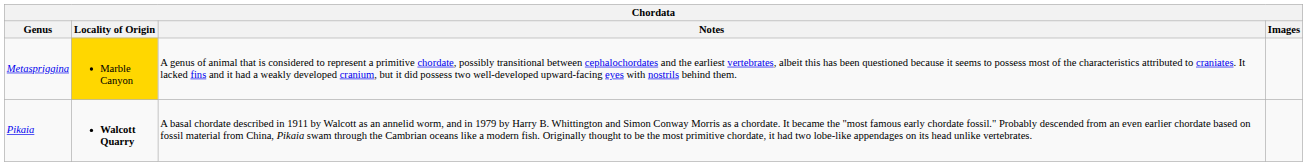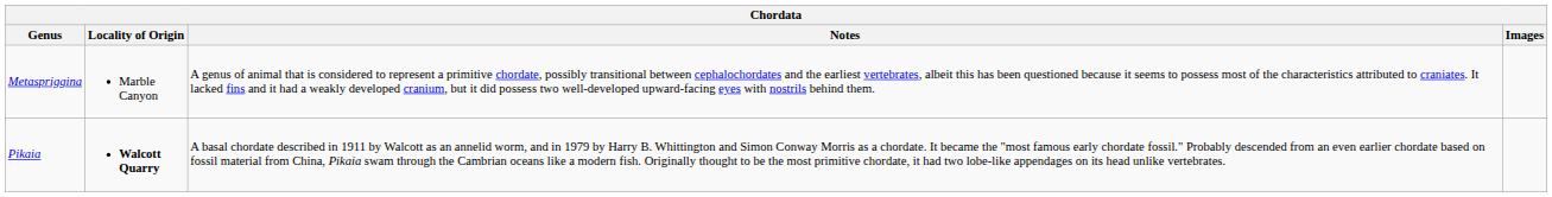 <table class="wikitable sortable mw-collapsible">
 <tr>
 <th colspan="4" align="center">Chordata</th>
 </tr>
 <tr>
 <th>Genus</th>
 <th>Locality of Origin</th>
 <th>Notes</th>
 <th>Images</th>
 </tr>
 <tr>
 <td><em><a href='#'>Metaspriggina</a></em></td>
-<td style="background: gold;"><br><ul><li>Marble Canyon</li></ul></td>
+<td><br><ul><li>Marble Canyon</li></ul></td>
 <td>A genus of animal that is considered to represent a primitive <a href='#'>chordate</a>, possibly transitional between <a href='#'>cephalochordates</a> and the earliest <a href='#'>vertebrates</a>, albeit this has been questioned because it seems to possess most of the characteristics attributed to <a href='#'>craniates</a>. It lacked <a href='#'>fins</a> and it had a weakly developed <a href='#'>cranium</a>, but it did possess two well-developed upward-facing <a href='#'>eyes</a> with <a href='#'>nostrils</a> behind them.</td>
 <td></td>
 </tr>
 <tr>
 <td><em><a href='#'>Pikaia</a></em></td>
 <td><strong><br><ul><li>Walcott Quarry</li></ul></strong></td>
 <td>A basal chordate described in 1911 by Walcott as an annelid worm, and in 1979 by Harry B. Whittington and Simon Conway Morris as a chordate. It became the "most famous early chordate fossil." Probably descended from an even earlier chordate based on fossil material from China, <em>Pikaia</em> swam through the Cambrian oceans like a modern fish. Originally thought to be the most primitive chordate, it had two lobe-like appendages on its head unlike vertebrates.</td>
 <td></td>
 </tr>
 </table>
